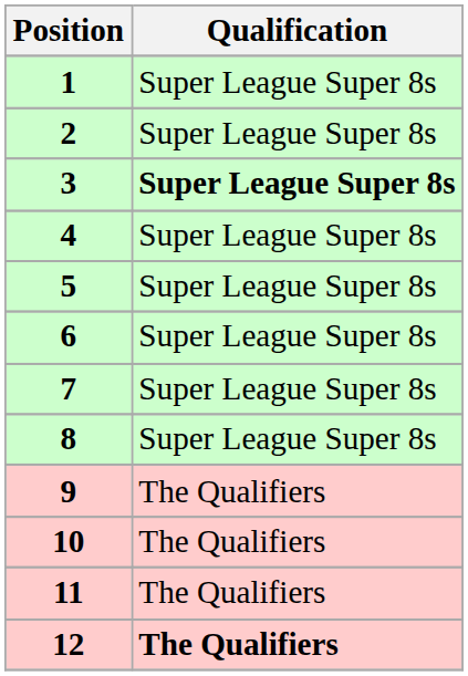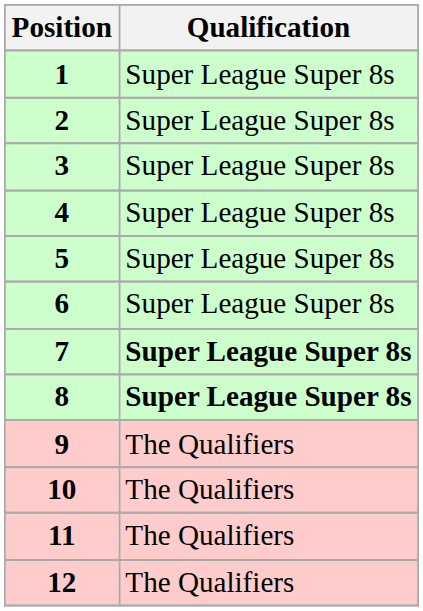 <table class="wikitable" style="text-align:center;">
 <tr>
 <th>Position</th>
 <th>Qualification</th>
 </tr>
 <tr --->
 </tr>
 <tr align=center style="background:#ccffcc;">
 <td><strong>1</strong></td>
 <td style="text-align:left;">Super League Super 8s</td>
 </tr>
 <tr --->
 </tr>
 <tr align=center style="background:#ccffcc;">
 <td><strong>2</strong></td>
 <td style="text-align:left;">Super League Super 8s</td>
 </tr>
 <tr --->
 </tr>
 <tr align=center style="background:#ccffcc;">
 <td><strong>3</strong></td>
-<td style="text-align:left;"><strong>Super League Super 8s</strong></td>
+<td style="text-align:left;">Super League Super 8s</td>
 </tr>
 <tr --->
 </tr>
 <tr align=center style="background:#ccffcc;">
 <td><strong>4</strong></td>
 <td style="text-align:left;">Super League Super 8s</td>
 </tr>
 <tr --->
 </tr>
 <tr align=center style="background:#ccffcc;">
 <td><strong>5</strong></td>
 <td style="text-align:left;">Super League Super 8s</td>
 </tr>
 <tr --->
 </tr>
 <tr align=center style="background:#ccffcc;">
 <td><strong>6</strong></td>
 <td style="text-align:left;">Super League Super 8s</td>
 </tr>
 <tr --->
 </tr>
 <tr align=center style="background:#ccffcc;">
 <td><strong>7</strong></td>
-<td style="text-align:left;">Super League Super 8s</td>
+<td style="text-align:left;"><strong>Super League Super 8s</strong></td>
 </tr>
 <tr --->
 </tr>
 <tr align=center style="background:#ccffcc;">
 <td><strong>8</strong></td>
-<td style="text-align:left;">Super League Super 8s</td>
+<td style="text-align:left;"><strong>Super League Super 8s</strong></td>
 </tr>
 <tr --->
 </tr>
 <tr align=center style="background:#FFCCCC">
 <td><strong>9</strong></td>
 <td style="text-align:left;">The Qualifiers</td>
 </tr>
 <tr --->
 </tr>
 <tr align=center style="background:#FFCCCC;">
 <td><strong>10</strong></td>
 <td style="text-align:left">The Qualifiers</td>
 </tr>
 <tr --->
 </tr>
 <tr align=center style="background:#FFCCCC">
 <td><strong>11</strong></td>
 <td style="text-align:left;">The Qualifiers</td>
 </tr>
 <tr --->
 </tr>
 <tr align=center style="background:#FFCCCC;">
 <td><strong>12</strong></td>
-<td style="text-align:left;"><strong>The Qualifiers</strong></td>
+<td style="text-align:left;">The Qualifiers</td>
 </tr>
 <tr --->
 </tr>
 </table>
